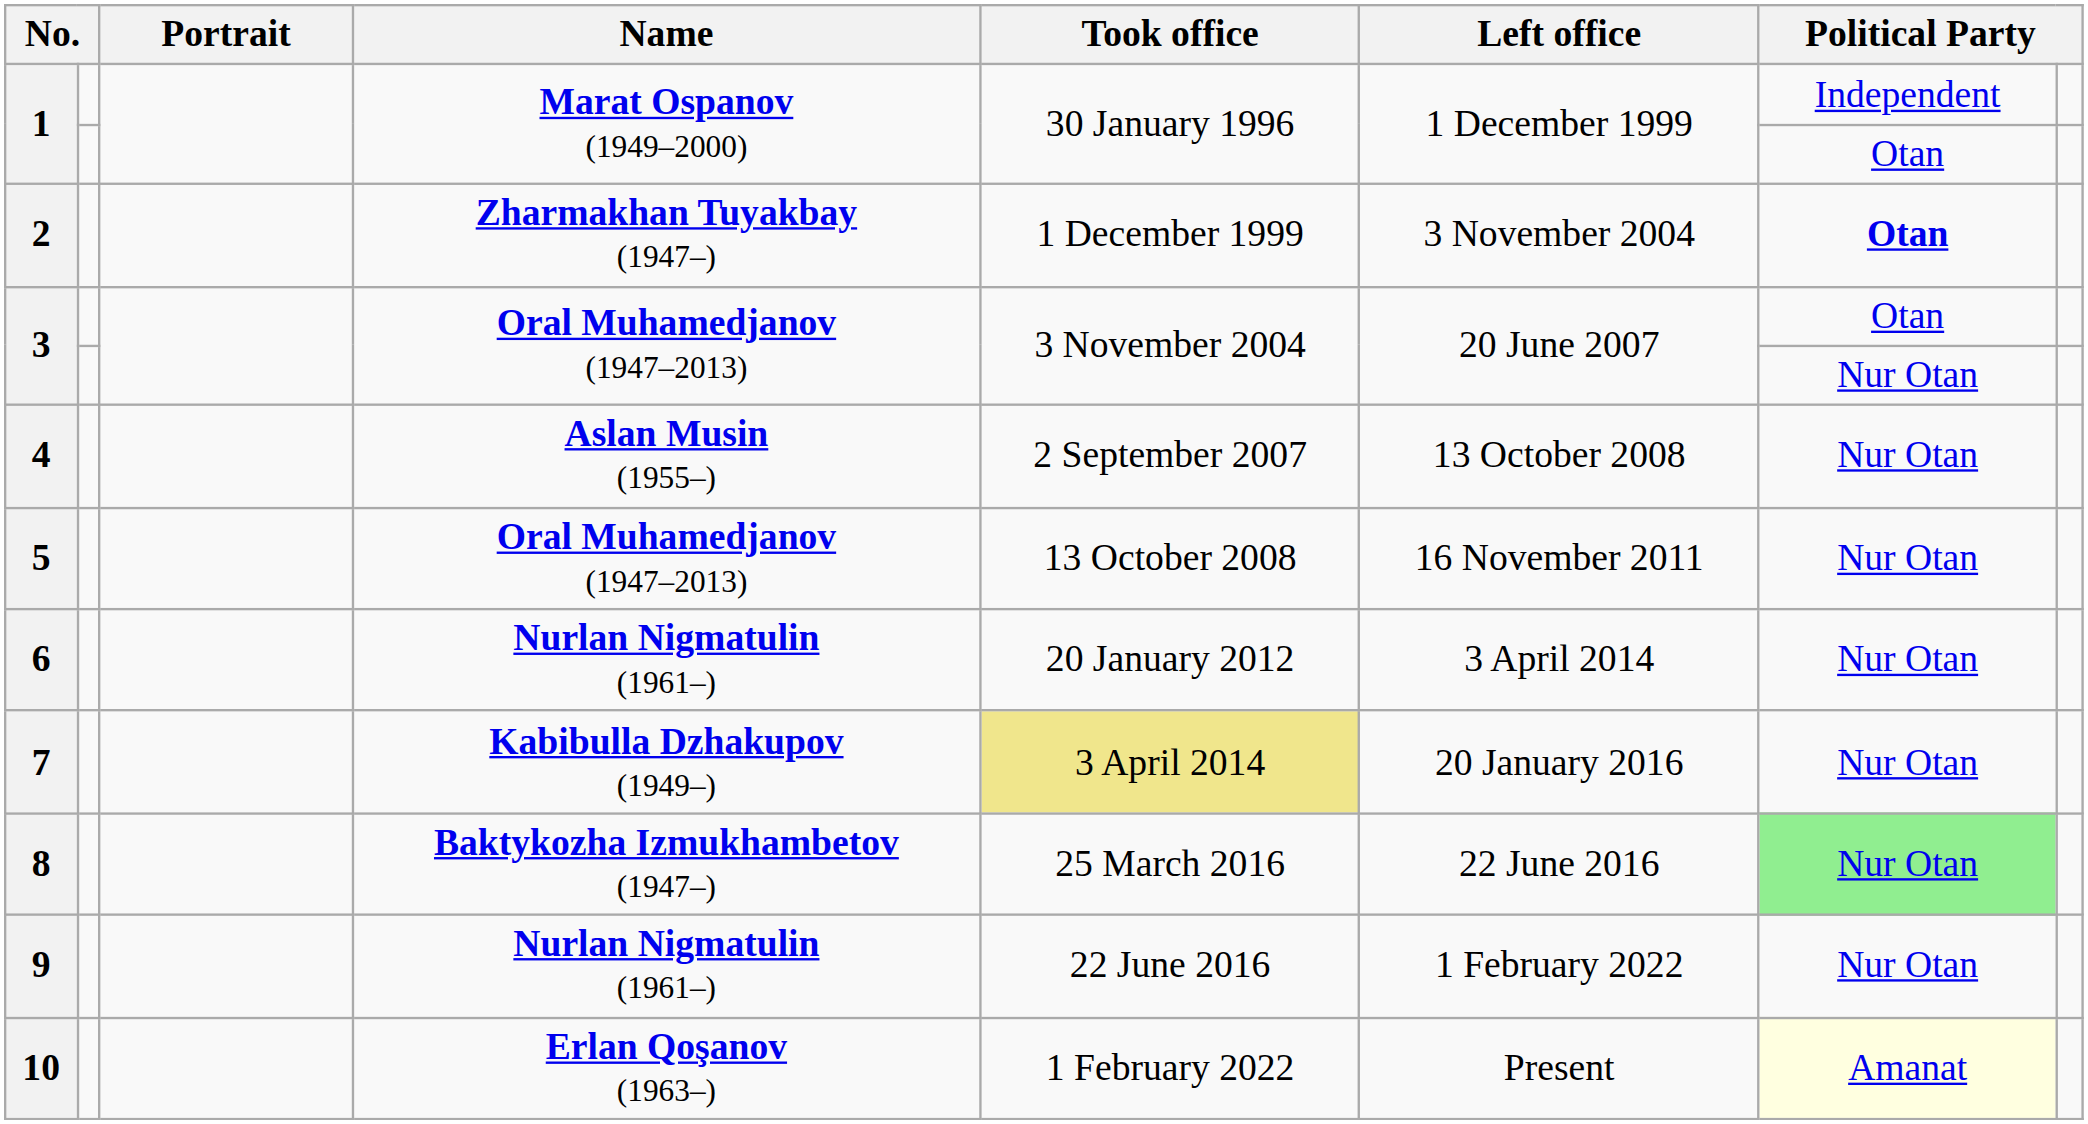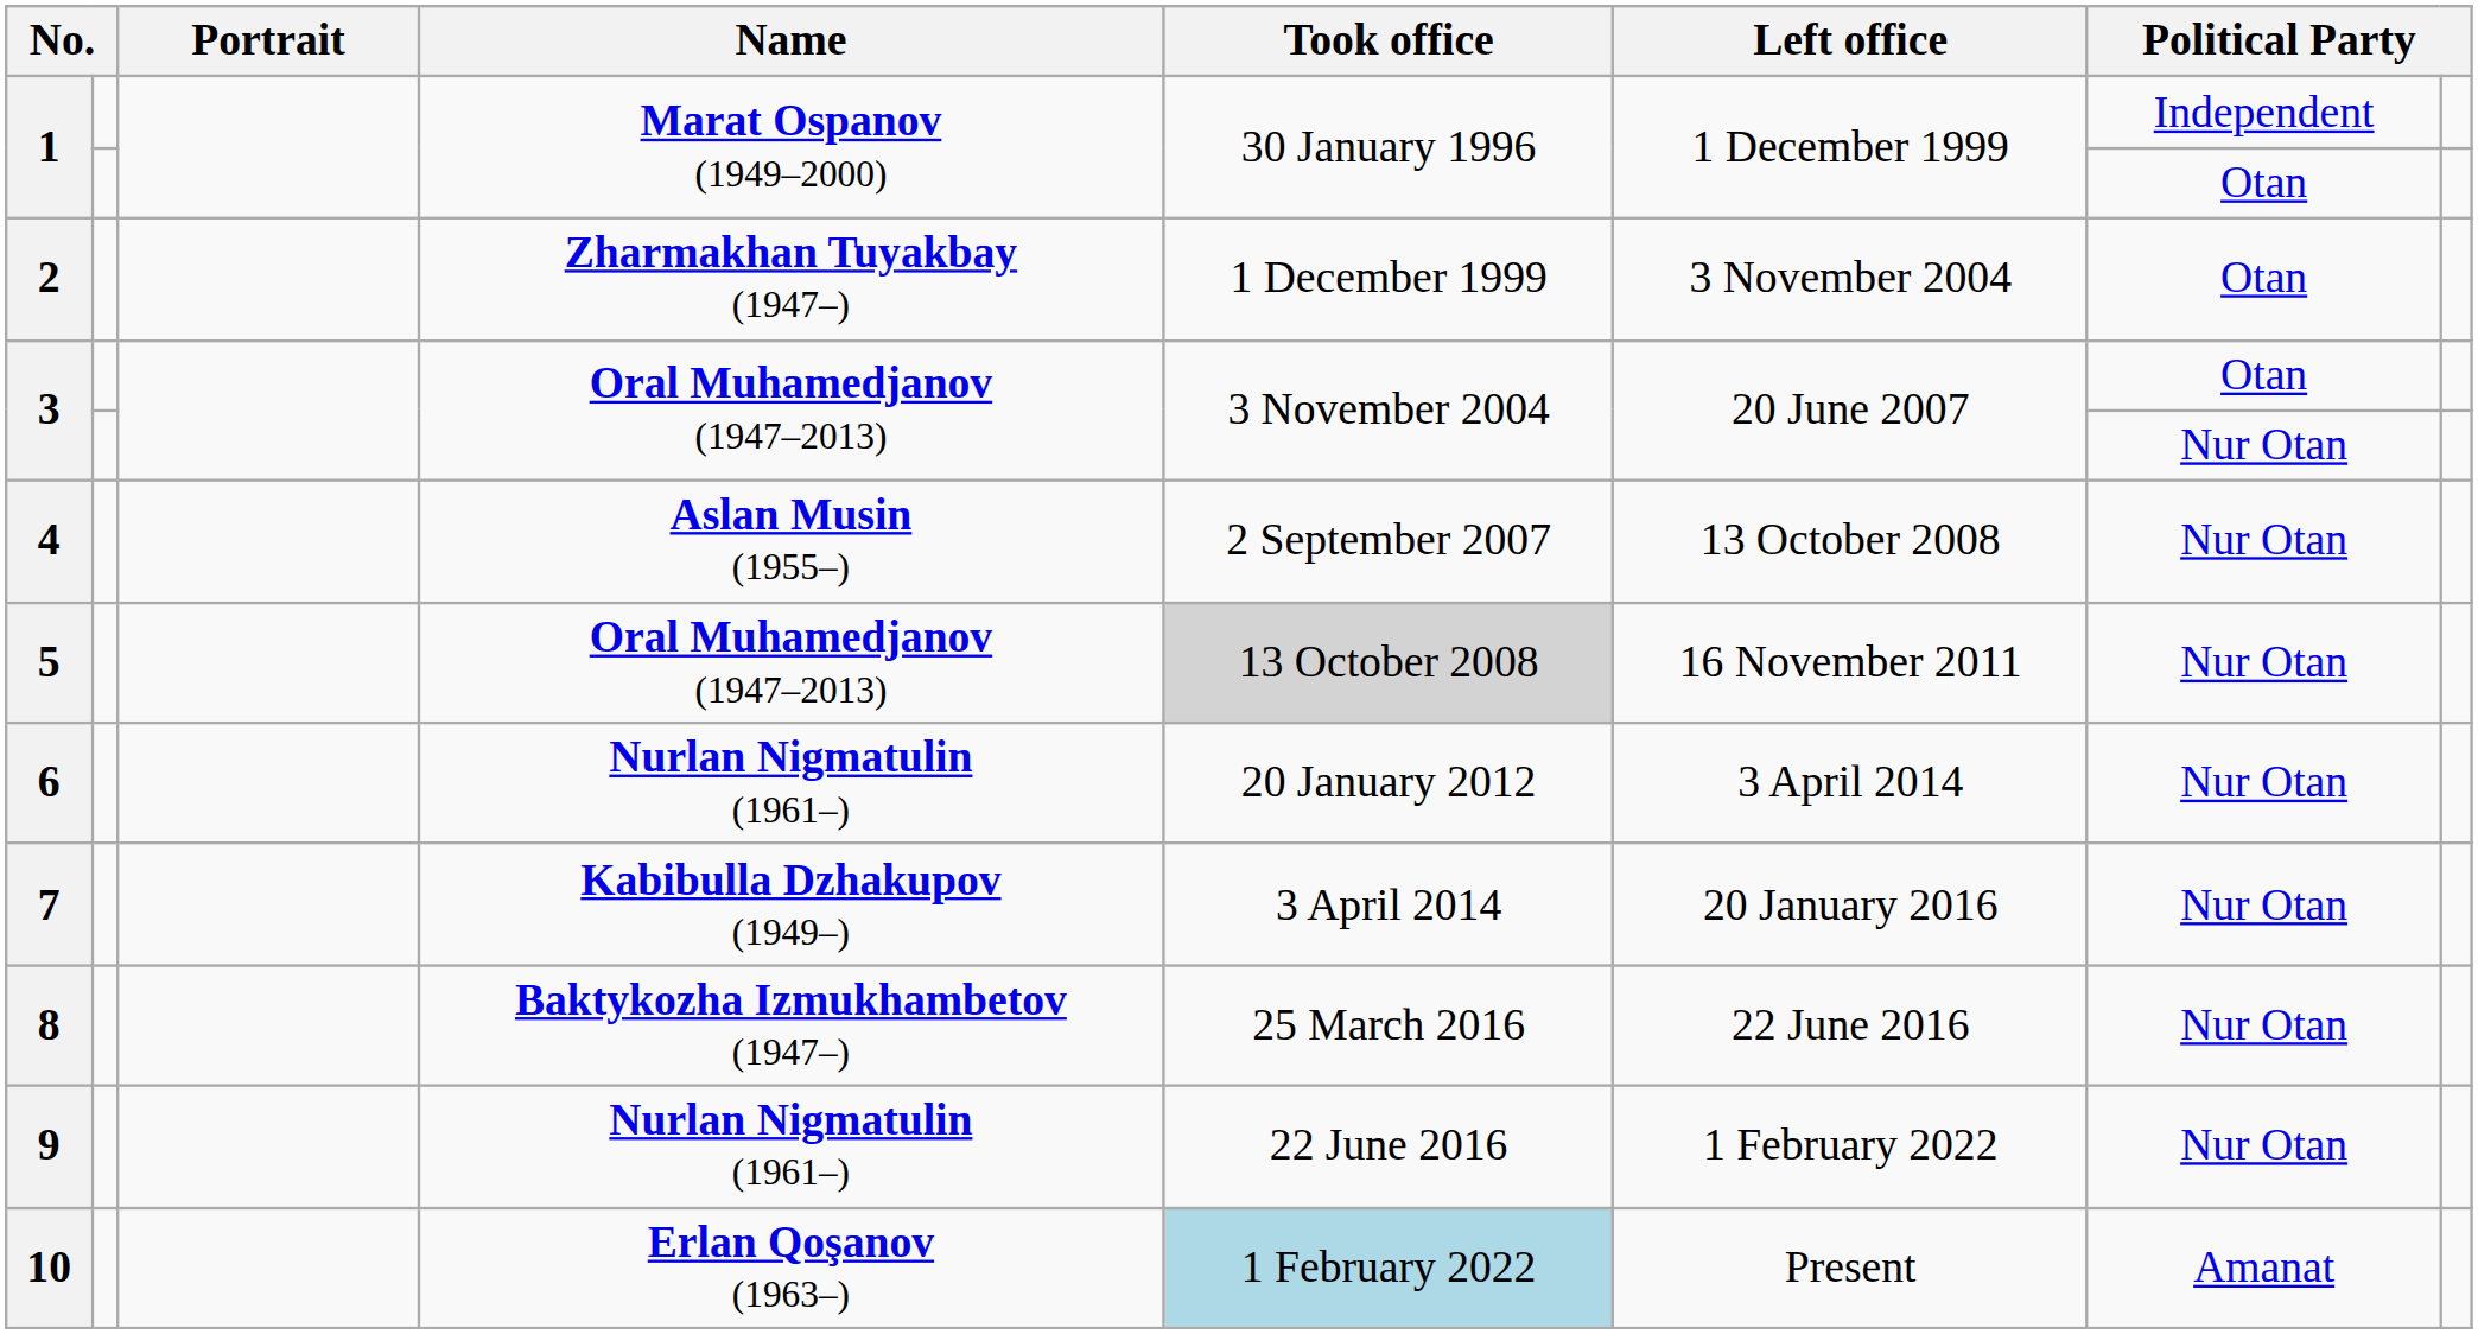 <table class="wikitable" width="70%">
 <tr>
 <th colspan="2">No.</th>
 <th width="100px">Portrait</th>
 <th>Name</th>
 <th>Took office</th>
 <th>Left office</th>
 <th colspan="2">Political Party</th>
 </tr>
 <tr>
 <th rowspan="2" align="center">1</th>
 <td align="center" style="background: "></td>
 <td rowspan="2" align="center"></td>
 <td rowspan="2" align="center"><strong><a href='#'>Marat Ospanov</a></strong><br><small>(1949–2000)</small></td>
 <td rowspan="2" align="center">30 January 1996</td>
 <td rowspan="2" align="center">1 December 1999</td>
 <td align="center"><a href='#'>Independent</a></td>
 <td align="center" style="background: "></td>
 </tr>
 <tr>
 <td align="center" style="background: "></td>
 <td align="center"><a href='#'>Otan</a></td>
 <td align="center" style="background: "></td>
 </tr>
 <tr>
 <th align="center">2</th>
 <td align="center" style="background: "></td>
 <td align="center"></td>
 <td align="center"><strong><a href='#'>Zharmakhan Tuyakbay</a></strong><br><small>(1947–)</small></td>
 <td align="center">1 December 1999</td>
 <td align="center">3 November 2004</td>
-<td align="center"><strong><a href='#'>Otan</a></strong></td>
+<td align="center"><a href='#'>Otan</a></td>
 <td align="center" style="background: "></td>
 </tr>
 <tr>
 <th rowspan="2" align="center">3</th>
 <td align="center" style="background: "></td>
 <td rowspan="2" align="center"></td>
 <td rowspan="2" align="center"><strong><a href='#'>Oral Muhamedjanov</a></strong><br><small>(1947–2013)</small></td>
 <td rowspan="2" align="center">3 November 2004</td>
 <td rowspan="2" align="center">20 June 2007</td>
 <td align="center"><a href='#'>Otan</a></td>
 <td align="center" style="background: "></td>
 </tr>
 <tr>
 <td align="center" style="background: "></td>
 <td align="center"><a href='#'>Nur Otan</a></td>
 <td align="center" style="background: "></td>
 </tr>
 <tr>
 <th align="center">4</th>
 <td align="center" style="background: "></td>
 <td align="center"></td>
 <td align="center"><strong><a href='#'>Aslan Musin</a></strong><br><small>(1955–)</small></td>
 <td align="center">2 September 2007</td>
 <td align="center">13 October 2008</td>
 <td align="center"><a href='#'>Nur Otan</a></td>
 <td align="center" style="background: "></td>
 </tr>
 <tr>
 <th align="center">5</th>
 <td align="center" style="background: "></td>
 <td align="center"></td>
 <td align="center"><strong><a href='#'>Oral Muhamedjanov</a></strong><br><small>(1947–2013)</small></td>
-<td align="center">13 October 2008</td>
+<td align="center" style="background: lightgrey;">13 October 2008</td>
 <td align="center">16 November 2011</td>
 <td align="center"><a href='#'>Nur Otan</a></td>
 <td align="center" style="background: "></td>
 </tr>
 <tr>
 <th align="center">6</th>
 <td align="center" style="background: "></td>
 <td align="center"></td>
 <td align="center"><strong><a href='#'>Nurlan Nigmatulin</a></strong><br><small>(1961–)</small></td>
 <td align="center">20 January 2012</td>
 <td align="center">3 April 2014</td>
 <td align="center"><a href='#'>Nur Otan</a></td>
 <td align="center" style="background: "></td>
 </tr>
 <tr>
 <th align="center">7</th>
 <td align="center" style="background: "></td>
 <td align="center"></td>
 <td align="center"><strong><a href='#'>Kabibulla Dzhakupov</a></strong><br><small>(1949–)</small></td>
-<td align="center" style="background: khaki;">3 April 2014</td>
+<td align="center">3 April 2014</td>
 <td align="center">20 January 2016</td>
 <td align="center"><a href='#'>Nur Otan</a></td>
 <td align="center" style="background: "></td>
 </tr>
 <tr>
 <th align="center">8</th>
 <td align="center" style="background: "></td>
 <td align="center"></td>
 <td align="center"><strong><a href='#'>Baktykozha Izmukhambetov</a></strong><br><small>(1947–)</small></td>
 <td align="center">25 March 2016</td>
 <td align="center">22 June 2016</td>
-<td align="center" style="background: lightgreen;"><a href='#'>Nur Otan</a></td>
+<td align="center"><a href='#'>Nur Otan</a></td>
 <td align="center" style="background: "></td>
 </tr>
 <tr>
 <th align="center">9</th>
 <td align="center" style="background: "></td>
 <td align="center"></td>
 <td align="center"><strong><a href='#'>Nurlan Nigmatulin</a></strong><br><small>(1961–)</small></td>
 <td align="center">22 June 2016</td>
 <td align="center">1 February 2022</td>
 <td align="center"><a href='#'>Nur Otan</a></td>
 <td align="center" style="background: "></td>
 </tr>
 <tr>
 <th align="center">10</th>
 <td align="center" style="background: "></td>
 <td align="center"></td>
 <td align="center"><strong><a href='#'>Erlan Qoşanov</a></strong><br><small>(1963–)</small></td>
-<td align="center">1 February 2022</td>
+<td align="center" style="background: lightblue;">1 February 2022</td>
 <td align="center">Present</td>
-<td align="center" style="background: lightyellow;"><a href='#'>Amanat</a></td>
+<td align="center"><a href='#'>Amanat</a></td>
 <td align="center" style="background: "></td>
 </tr>
 </table>
